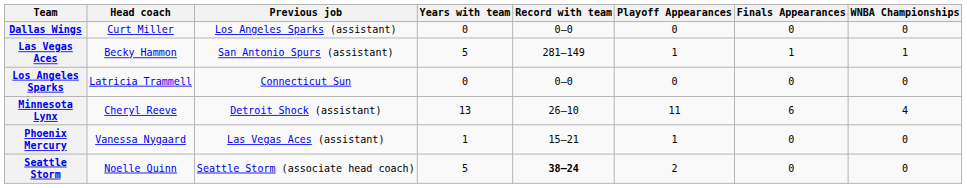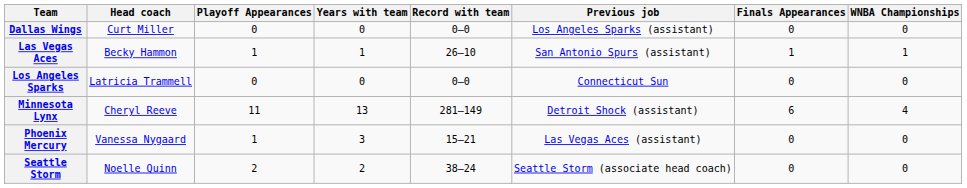 <table class="wikitable sortable" style="text-align: center;font-size:90%;">
 <tr>
 <th width="90">Team</th>
 <th>Head coach</th>
-<th>Previous job</th>
+<th>Playoff Appearances</th>
 <th>Years with team</th>
 <th>Record with team</th>
-<th>Playoff Appearances</th>
+<th>Previous job</th>
 <th>Finals Appearances</th>
 <th>WNBA Championships</th>
 </tr>
 <tr>
 <th><a href='#'><span>Dallas Wings</span></a></th>
 <td><a href='#'>Curt Miller</a></td>
-<td><a href='#'>Los Angeles Sparks</a> (assistant)</td>
+<td>0</td>
 <td>0</td>
 <td>0–0</td>
-<td>0</td>
+<td><a href='#'>Los Angeles Sparks</a> (assistant)</td>
 <td>0</td>
 <td>0</td>
 </tr>
 <tr>
 <th><a href='#'><span>Las Vegas Aces</span></a></th>
 <td><a href='#'>Becky Hammon</a></td>
+<td>1</td>
+<td>1</td>
+<td>26–10</td>
 <td><a href='#'>San Antonio Spurs</a> (assistant)</td>
-<td>5</td>
-<td>281–149</td>
-<td>1</td>
 <td>1</td>
 <td>1</td>
 </tr>
 <tr>
 <th><a href='#'><span>Los Angeles Sparks</span></a></th>
 <td><a href='#'>Latricia Trammell</a></td>
-<td><a href='#'>Connecticut Sun</a></td>
+<td>0</td>
 <td>0</td>
 <td>0–0</td>
-<td>0</td>
+<td><a href='#'>Connecticut Sun</a></td>
 <td>0</td>
 <td>0</td>
 </tr>
 <tr>
 <th><a href='#'><span>Minnesota Lynx</span></a></th>
 <td><a href='#'>Cheryl Reeve</a></td>
+<td>11</td>
+<td>13</td>
+<td>281–149</td>
 <td><a href='#'>Detroit Shock</a> (assistant)</td>
-<td>13</td>
-<td>26–10</td>
-<td>11</td>
 <td>6</td>
 <td>4</td>
 </tr>
 <tr>
 <th><a href='#'><span>Phoenix Mercury</span></a></th>
 <td><a href='#'>Vanessa Nygaard</a></td>
+<td>1</td>
+<td>3</td>
+<td>15–21</td>
 <td><a href='#'>Las Vegas Aces</a> (assistant)</td>
-<td>1</td>
-<td>15–21</td>
-<td>1</td>
 <td>0</td>
 <td>0</td>
 </tr>
 <tr>
 <th><a href='#'><span>Seattle Storm</span></a></th>
 <td><a href='#'>Noelle Quinn</a></td>
+<td>2</td>
+<td>2</td>
+<td>38–24</td>
 <td><a href='#'>Seattle Storm</a> (associate head coach)</td>
-<td>5</td>
-<td><strong>38–24</strong></td>
-<td>2</td>
 <td>0</td>
 <td>0</td>
 </tr>
 </table>
